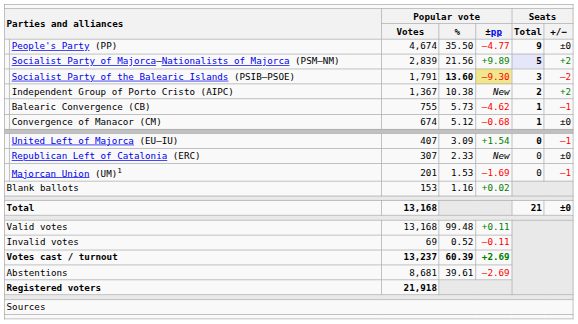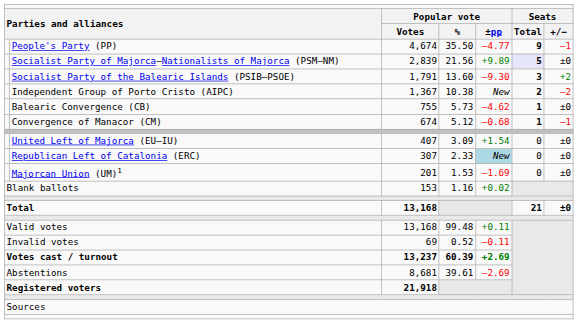 <table class="wikitable" style="text-align:right;">
 <tr>
 <td colspan="7"></td>
 </tr>
 <tr>
 <th style="text-align:left;" rowspan="2" colspan="2" width="525">Parties and alliances</th>
 <th colspan="3">Popular vote</th>
 <th colspan="2">Seats</th>
 </tr>
 <tr>
 <th width="75">Votes</th>
 <th width="45">%</th>
 <th width="45">±<a href='#'>pp</a></th>
 <th width="35">Total</th>
 <th width="35">+/−</th>
 </tr>
 <tr>
 <td width="1" style="color:inherit;background:"></td>
 <td align="left"><a href='#'>People's Party</a> (PP)</td>
 <td>4,674</td>
 <td>35.50</td>
 <td style="color:red;">–4.77</td>
 <td><strong>9</strong></td>
-<td>±0</td>
+<td style="color:red;">–1</td>
 </tr>
 <tr>
 <td style="color:inherit;background:"></td>
 <td align="left"><a href='#'>Socialist Party of Majorca</a>–<a href='#'>Nationalists of Majorca</a> (PSM–NM)</td>
 <td>2,839</td>
 <td>21.56</td>
 <td style="color:green;">+9.89</td>
 <td style="background: lavender;"><strong>5</strong></td>
-<td style="color:green;">+2</td>
+<td>±0</td>
 </tr>
 <tr>
 <td style="color:inherit;background:"></td>
 <td align="left"><a href='#'>Socialist Party of the Balearic Islands</a> (PSIB–PSOE)</td>
 <td>1,791</td>
-<td><strong>13.60</strong></td>
-<td style="background: khaki; color:red;">–9.30</td>
+<td>13.60</td>
+<td style="color:red;">–9.30</td>
 <td><strong>3</strong></td>
-<td style="color:red;">–2</td>
+<td style="color:green;">+2</td>
 </tr>
 <tr>
 <td style="color:inherit;background:"></td>
 <td align="left">Independent Group of Porto Cristo (AIPC)</td>
 <td>1,367</td>
 <td>10.38</td>
 <td><em>New</em></td>
 <td><strong>2</strong></td>
-<td style="color:green;">+2</td>
+<td style="color:red;">–2</td>
 </tr>
 <tr>
 <td style="color:inherit;background:"></td>
 <td align="left">Balearic Convergence (CB)</td>
 <td>755</td>
 <td>5.73</td>
 <td style="color:red;">–4.62</td>
 <td><strong>1</strong></td>
-<td style="color:red;">–1</td>
+<td>±0</td>
 </tr>
 <tr>
 <td style="color:inherit;background:"></td>
 <td align="left">Convergence of Manacor (CM)</td>
 <td>674</td>
 <td>5.12</td>
 <td style="color:red;">–0.68</td>
 <td><strong>1</strong></td>
-<td>±0</td>
+<td style="color:red;">–1</td>
 </tr>
 <tr>
 <td colspan="7" bgcolor="#C0C0C0"></td>
 </tr>
 <tr>
 <td style="color:inherit;background:"></td>
 <td align="left"><a href='#'>United Left of Majorca</a> (EU–IU)</td>
 <td>407</td>
 <td>3.09</td>
 <td style="color:green;">+1.54</td>
-<td><strong>0</strong></td>
-<td style="color:red;">–1</td>
+<td>0</td>
+<td>±0</td>
 </tr>
 <tr>
 <td style="color:inherit;background:"></td>
 <td align="left"><a href='#'>Republican Left of Catalonia</a> (ERC)</td>
 <td>307</td>
 <td>2.33</td>
-<td><em>New</em></td>
+<td style="background: lightblue;"><em>New</em></td>
 <td>0</td>
 <td>±0</td>
 </tr>
 <tr>
 <td style="color:inherit;background:"></td>
 <td align="left"><a href='#'>Majorcan Union</a> (UM)<sup>1</sup></td>
 <td>201</td>
 <td>1.53</td>
 <td style="color:red;">–1.69</td>
 <td>0</td>
-<td style="color:red;">–1</td>
+<td>±0</td>
 </tr>
 <tr>
 <td align="left" colspan="2">Blank ballots</td>
 <td>153</td>
 <td>1.16</td>
 <td style="color:green;">+0.02</td>
 <td bgcolor="#E9E9E9" colspan="2"></td>
 </tr>
 <tr>
 <td colspan="7" bgcolor="#E9E9E9"></td>
 </tr>
 <tr style="font-weight:bold;">
 <td align="left" colspan="2">Total</td>
 <td>13,168</td>
 <td bgcolor="#E9E9E9" colspan="2"></td>
 <td>21</td>
 <td>±0</td>
 </tr>
 <tr>
 <td colspan="7" bgcolor="#E9E9E9"></td>
 </tr>
 <tr>
 <td align="left" colspan="2">Valid votes</td>
 <td>13,168</td>
 <td>99.48</td>
 <td style="color:green;">+0.11</td>
 <td bgcolor="#E9E9E9" colspan="2" rowspan="5"></td>
 </tr>
 <tr>
 <td align="left" colspan="2">Invalid votes</td>
 <td>69</td>
 <td>0.52</td>
 <td style="color:red;">–0.11</td>
 </tr>
 <tr style="font-weight:bold;">
 <td align="left" colspan="2">Votes cast / turnout</td>
 <td>13,237</td>
 <td>60.39</td>
 <td style="color:green;">+2.69</td>
 </tr>
 <tr>
 <td align="left" colspan="2">Abstentions</td>
 <td>8,681</td>
 <td>39.61</td>
 <td style="color:red;">–2.69</td>
 </tr>
 <tr style="font-weight:bold;">
 <td align="left" colspan="2">Registered voters</td>
 <td>21,918</td>
 <td bgcolor="#E9E9E9" colspan="2"></td>
 </tr>
 <tr>
 <td colspan="7" bgcolor="#E9E9E9"></td>
 </tr>
 <tr>
 <td align="left" colspan="7">Sources</td>
 </tr>
 <tr>
 <td colspan="7" style="text-align:left; max-width:790px;"></td>
 </tr>
 </table>
